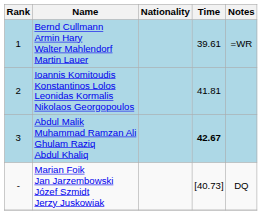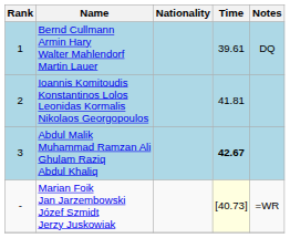 <table class="wikitable sortable" style="text-align:center">
 <tr>
 <th>Rank</th>
 <th>Name</th>
 <th>Nationality</th>
 <th>Time</th>
 <th>Notes</th>
 </tr>
 <tr bgcolor=lightblue>
 <td>1</td>
 <td align=left><a href='#'>Bernd Cullmann</a><br><a href='#'>Armin Hary</a><br><a href='#'>Walter Mahlendorf</a><br><a href='#'>Martin Lauer</a></td>
 <td align=left></td>
 <td>39.61</td>
-<td>=WR</td>
+<td>DQ</td>
 </tr>
 <tr bgcolor=lightblue>
 <td>2</td>
 <td align=left><a href='#'>Ioannis Komitoudis</a><br><a href='#'>Konstantinos Lolos</a><br><a href='#'>Leonidas Kormalis</a><br><a href='#'>Nikolaos Georgopoulos</a></td>
 <td align=left></td>
 <td>41.81</td>
 <td></td>
 </tr>
 <tr bgcolor=lightblue>
 <td>3</td>
 <td align=left><a href='#'>Abdul Malik</a><br><a href='#'>Muhammad Ramzan Ali</a><br><a href='#'>Ghulam Raziq</a><br><a href='#'>Abdul Khaliq</a></td>
 <td align=left></td>
 <td><strong>42.67</strong></td>
 <td></td>
 </tr>
 <tr>
 <td>-</td>
 <td align=left><a href='#'>Marian Foik</a><br><a href='#'>Jan Jarzembowski</a><br><a href='#'>Józef Szmidt</a><br><a href='#'>Jerzy Juskowiak</a></td>
 <td align=left></td>
-<td>[40.73]</td>
-<td>DQ</td>
+<td style="background: lightyellow;">[40.73]</td>
+<td>=WR</td>
 </tr>
 <tr>
 </tr>
 </table>
